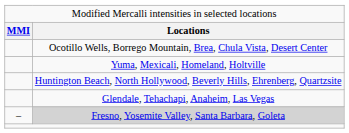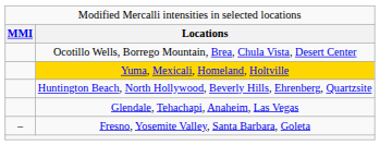 <table class="wikitable" style="float: right; text-align: center; font-size:90%;">
 <tr>
 <td colspan="2" style="text-align: center;">Modified Mercalli intensities in selected locations</td>
 </tr>
 <tr>
 <th><a href='#'>MMI</a></th>
 <th>Locations</th>
 </tr>
 <tr>
 <td></td>
 <td>Ocotillo Wells, Borrego Mountain, <a href='#'>Brea</a>, <a href='#'>Chula Vista</a>, <a href='#'>Desert Center</a></td>
 </tr>
 <tr>
 <td></td>
-<td><a href='#'>Yuma</a>, <a href='#'>Mexicali</a>, <a href='#'>Homeland</a>, <a href='#'>Holtville</a></td>
+<td style="background: gold;"><a href='#'>Yuma</a>, <a href='#'>Mexicali</a>, <a href='#'>Homeland</a>, <a href='#'>Holtville</a></td>
 </tr>
 <tr>
 <td></td>
 <td><a href='#'>Huntington Beach</a>, <a href='#'>North Hollywood</a>, <a href='#'>Beverly Hills</a>, <a href='#'>Ehrenberg</a>, <a href='#'>Quartzsite</a></td>
 </tr>
 <tr>
 <td></td>
 <td><a href='#'>Glendale</a>, <a href='#'>Tehachapi</a>, <a href='#'>Anaheim</a>, <a href='#'>Las Vegas</a></td>
 </tr>
 <tr>
 <td>–</td>
-<td style="background: lightgrey;"><a href='#'>Fresno</a>, <a href='#'>Yosemite Valley</a>, <a href='#'>Santa Barbara</a>, <a href='#'>Goleta</a></td>
+<td><a href='#'>Fresno</a>, <a href='#'>Yosemite Valley</a>, <a href='#'>Santa Barbara</a>, <a href='#'>Goleta</a></td>
 </tr>
 <tr>
 <td colspan="3" style="text-align: center;"><small></small></td>
 </tr>
 </table>
